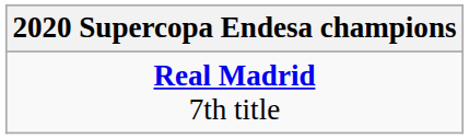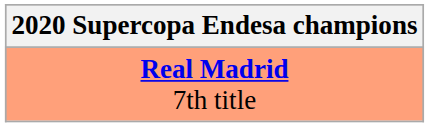 <table class=wikitable style="text-align:center; margin:auto">
 <tr>
 <th>2020 Supercopa Endesa champions</th>
 </tr>
 <tr>
-<td><strong><a href='#'>Real Madrid</a></strong><br>7th title</td>
+<td style="background: lightsalmon;"><strong><a href='#'>Real Madrid</a></strong><br>7th title</td>
 </tr>
 </table>
